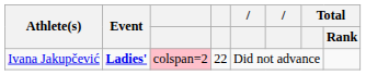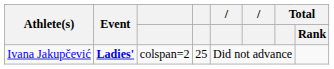 <table class="wikitable" style="font-size:90%">
 <tr>
 <th rowspan="2">Athlete(s)</th>
 <th rowspan="2">Event</th>
 <th></th>
 <th></th>
 <th>/</th>
 <th>/</th>
 <th colspan="2">Total</th>
 </tr>
 <tr>
 <th></th>
 <th></th>
 <th></th>
 <th></th>
 <th></th>
 <th>Rank</th>
 </tr>
 <tr align="center">
 <td align="left"><a href='#'>Ivana Jakupčević</a></td>
 <td align="left"><strong><a href='#'>Ladies'</a></strong></td>
-<td style="background: pink;">colspan=2 </td>
-<td>22</td>
+<td>colspan=2 </td>
+<td>25</td>
 <td colspan=3>Did not advance</td>
 </tr>
 </table>
